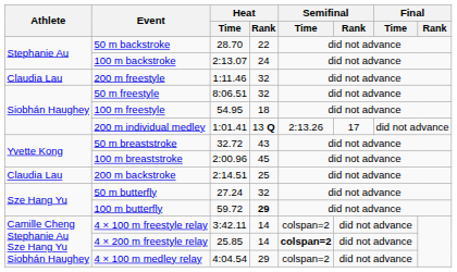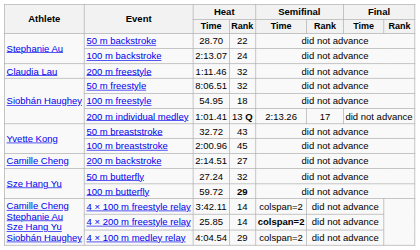 <table class=wikitable style="font-size:90%">
 <tr>
 <th rowspan="2">Athlete</th>
 <th rowspan="2">Event</th>
 <th colspan="2">Heat</th>
 <th colspan="2">Semifinal</th>
 <th colspan="2">Final</th>
 </tr>
 <tr style="font-size:95%">
 <th>Time</th>
 <th>Rank</th>
 <th>Time</th>
 <th>Rank</th>
 <th>Time</th>
 <th>Rank</th>
 </tr>
 <tr align=center>
 <td align=left rowspan=2><a href='#'>Stephanie Au</a></td>
 <td align=left><a href='#'>50 m backstroke</a></td>
 <td>28.70</td>
 <td>22</td>
 <td colspan=4>did not advance</td>
 </tr>
 <tr align=center>
 <td align=left><a href='#'>100 m backstroke</a></td>
 <td>2:13.07</td>
 <td>24</td>
 <td colspan=4>did not advance</td>
 </tr>
 <tr align=center>
 <td align=left><a href='#'>Claudia Lau</a></td>
 <td align=left><a href='#'>200 m freestyle</a></td>
 <td>1:11.46</td>
 <td>32</td>
 <td colspan=4>did not advance</td>
 </tr>
 <tr align=center>
 <td align=left rowspan=3><a href='#'>Siobhán Haughey</a></td>
 <td align=left><a href='#'>50 m freestyle</a></td>
 <td>8:06.51</td>
 <td>32</td>
 <td colspan=4>did not advance</td>
 </tr>
 <tr align=center>
 <td align=left><a href='#'>100 m freestyle</a></td>
 <td>54.95</td>
 <td>18</td>
 <td colspan=4>did not advance</td>
 </tr>
 <tr align=center>
 <td align=left><a href='#'>200 m individual medley</a></td>
 <td>1:01.41</td>
 <td>13 <strong>Q</strong></td>
 <td>2:13.26</td>
 <td>17</td>
 <td colspan=2>did not advance</td>
 </tr>
 <tr align=center>
 <td align=left rowspan=2><a href='#'>Yvette Kong</a></td>
 <td align=left><a href='#'>50 m breaststroke</a></td>
 <td>32.72</td>
 <td>43</td>
 <td colspan=4>did not advance</td>
 </tr>
 <tr align=center>
 <td align=left><a href='#'>100 m breaststroke</a></td>
 <td>2:00.96</td>
 <td>45</td>
 <td colspan=4>did not advance</td>
 </tr>
 <tr align=center>
-<td align=left><a href='#'>Claudia Lau</a></td>
+<td align=left><a href='#'>Camille Cheng</a></td>
 <td align=left><a href='#'>200 m backstroke</a></td>
 <td>2:14.51</td>
-<td>25</td>
+<td>27</td>
 <td colspan=4>did not advance</td>
 </tr>
 <tr align=center>
 <td align=left rowspan=2><a href='#'>Sze Hang Yu</a></td>
 <td align=left><a href='#'>50 m butterfly</a></td>
 <td>27.24</td>
 <td>32</td>
 <td colspan=4>did not advance</td>
 </tr>
 <tr align=center>
 <td align=left><a href='#'>100 m butterfly</a></td>
 <td>59.72</td>
 <td><strong>29</strong></td>
 <td colspan=4>did not advance</td>
 </tr>
 <tr align=center>
 <td align=left rowspan=3><a href='#'>Camille Cheng</a><br><a href='#'>Stephanie Au</a><br><a href='#'>Sze Hang Yu</a><br><a href='#'>Siobhán Haughey</a></td>
 <td align=left><a href='#'>4 × 100 m freestyle relay</a></td>
 <td>3:42.11</td>
 <td>14</td>
 <td>colspan=2 </td>
 <td colspan=2>did not advance</td>
 </tr>
 <tr align=center>
 <td align=left><a href='#'>4 × 200 m freestyle relay</a></td>
 <td>25.85</td>
 <td>14</td>
 <td><strong>colspan=2 </strong></td>
 <td colspan=2>did not advance</td>
 </tr>
 <tr align=center>
 <td align=left><a href='#'>4 × 100 m medley relay</a></td>
 <td>4:04.54</td>
 <td>29</td>
 <td>colspan=2 </td>
 <td colspan=2>did not advance</td>
 </tr>
 </table>
